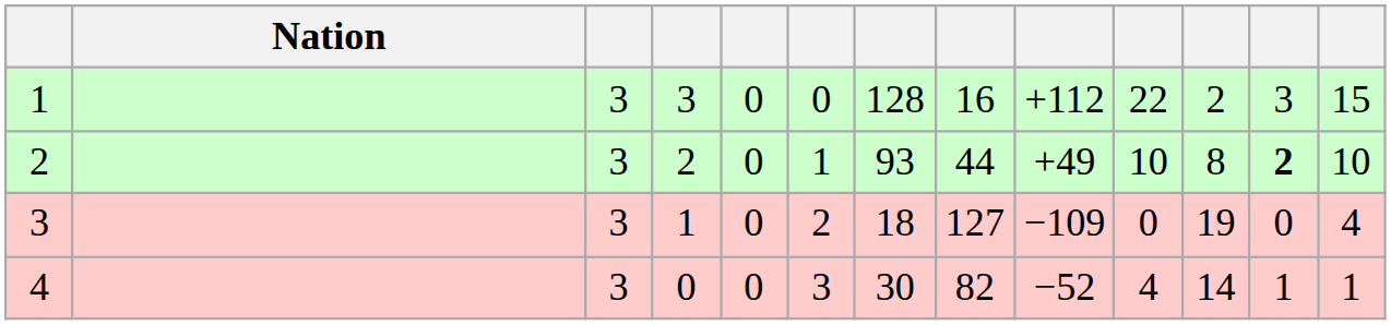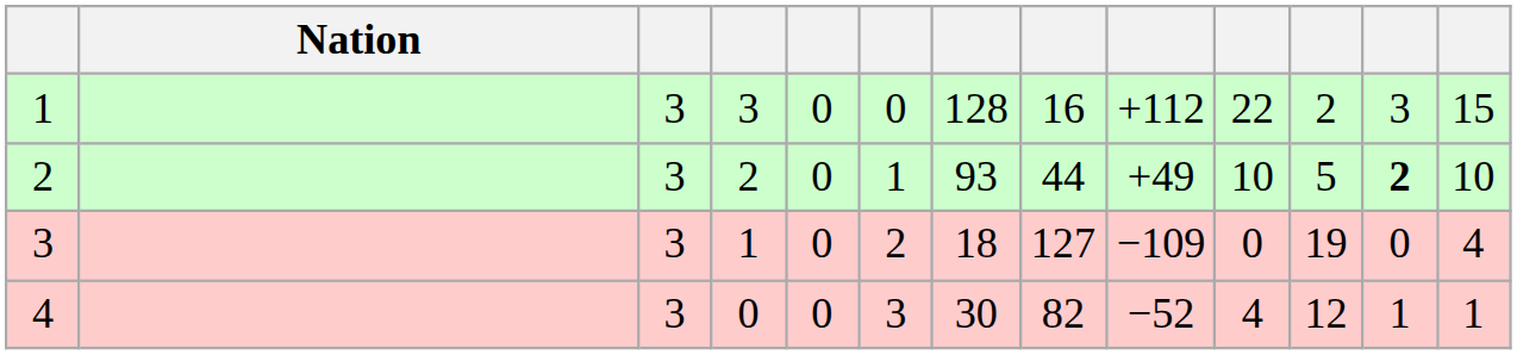 <table class="wikitable" style="text-align: center">
 <tr>
 <th style="width:20px;"></th>
 <th style="width:200px;">Nation</th>
 <th style="width:20px;"></th>
 <th style="width:20px;"></th>
 <th style="width:20px;"></th>
 <th style="width:20px;"></th>
 <th style="width:25px;"></th>
 <th style="width:25px;"></th>
 <th style="width:25px;"></th>
 <th style="width:20px;"></th>
 <th style="width:20px;"></th>
 <th style="width:20px;"></th>
 <th style="width:20px;"></th>
 </tr>
 <tr style="background:#cfc;">
 <td>1</td>
 <td align=left></td>
 <td>3</td>
 <td>3</td>
 <td>0</td>
 <td>0</td>
 <td>128</td>
 <td>16</td>
 <td>+112</td>
 <td>22</td>
 <td>2</td>
 <td>3</td>
 <td>15</td>
 </tr>
 <tr style="background:#cfc;">
 <td>2</td>
 <td align=left></td>
 <td>3</td>
 <td>2</td>
 <td>0</td>
 <td>1</td>
 <td>93</td>
 <td>44</td>
 <td>+49</td>
 <td>10</td>
-<td>8</td>
+<td>5</td>
 <td><strong>2</strong></td>
 <td>10</td>
 </tr>
 <tr style="background:#fcc;">
 <td>3</td>
 <td align=left></td>
 <td>3</td>
 <td>1</td>
 <td>0</td>
 <td>2</td>
 <td>18</td>
 <td>127</td>
 <td>−109</td>
 <td>0</td>
 <td>19</td>
 <td>0</td>
 <td>4</td>
 </tr>
 <tr style="background:#fcc;">
 <td>4</td>
 <td align=left></td>
 <td>3</td>
 <td>0</td>
 <td>0</td>
 <td>3</td>
 <td>30</td>
 <td>82</td>
 <td>−52</td>
 <td>4</td>
-<td>14</td>
+<td>12</td>
 <td>1</td>
 <td>1</td>
 </tr>
 </table>
